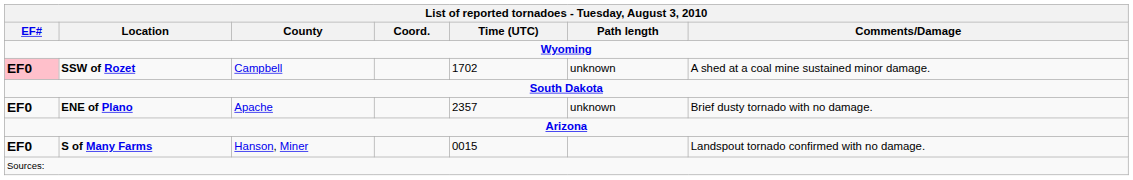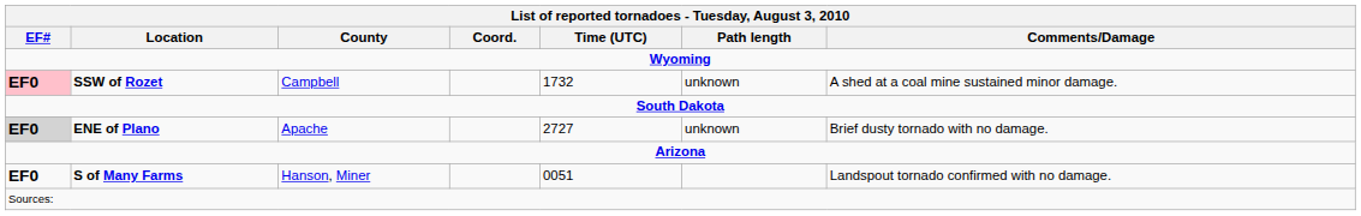 <table class="wikitable collapsible" width="100%">
 <tr>
 <th colspan="7">List of reported tornadoes - Tuesday, August 3, 2010</th>
 </tr>
 <tr>
 <th><a href='#'>EF#</a></th>
 <th>Location</th>
 <th>County</th>
 <th>Coord.</th>
 <th>Time (UTC)</th>
 <th>Path length</th>
 <th>Comments/Damage</th>
 </tr>
 <tr>
 <td colspan="7" align=center><strong><a href='#'>Wyoming</a></strong></td>
 </tr>
 <tr>
 <td style="background: pink;"><big><strong>EF0</strong></big></td>
 <td><strong>SSW of <a href='#'>Rozet</a></strong></td>
 <td><a href='#'>Campbell</a></td>
 <td></td>
-<td>1702</td>
+<td>1732</td>
 <td>unknown</td>
 <td>A shed at a coal mine sustained minor damage.</td>
 </tr>
 <tr>
 <td colspan="7" align=center><strong><a href='#'>South Dakota</a></strong></td>
 </tr>
 <tr>
-<td><big><strong>EF0</strong></big></td>
+<td style="background: lightgrey;"><big><strong>EF0</strong></big></td>
 <td><strong>ENE of <a href='#'>Plano</a></strong></td>
 <td><a href='#'>Apache</a></td>
 <td></td>
-<td>2357</td>
+<td>2727</td>
 <td>unknown</td>
 <td>Brief dusty tornado with no damage.</td>
 </tr>
 <tr>
 <td colspan="7" align=center><strong><a href='#'>Arizona</a></strong></td>
 </tr>
 <tr>
 <td><big><strong>EF0</strong></big></td>
 <td><strong>S of <a href='#'>Many Farms</a></strong></td>
 <td><a href='#'>Hanson</a>, <a href='#'>Miner</a></td>
 <td></td>
-<td>0015</td>
+<td>0051</td>
 <td></td>
 <td>Landspout tornado confirmed with no damage.</td>
 </tr>
 <tr>
 <td colspan="7"><small>Sources:<br></small></td>
 </tr>
 </table>
